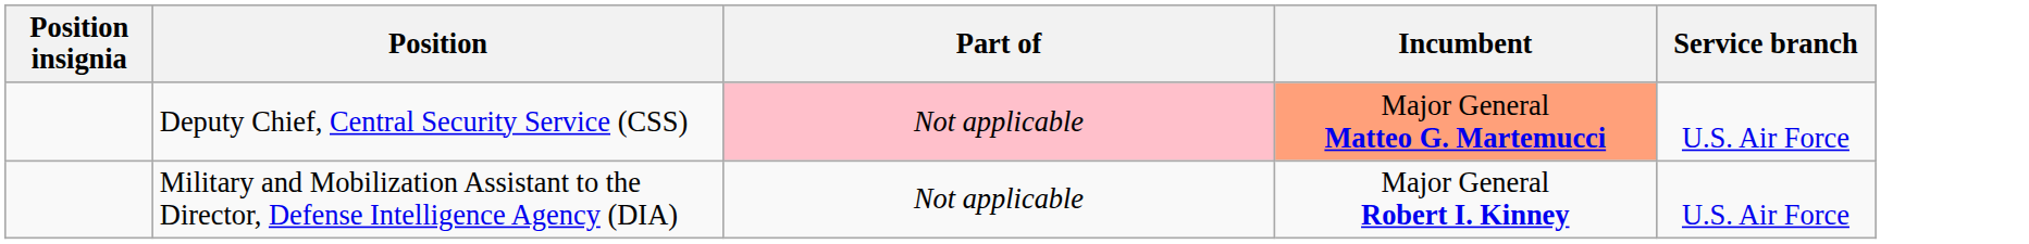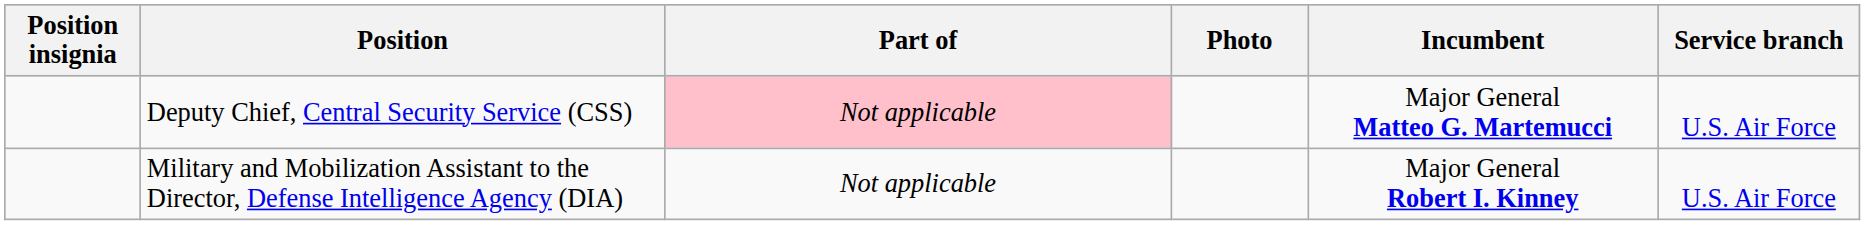 <table class="wikitable">
 <tr>
 <th width="75" style="text-align:center">Position insignia</th>
 <th width="310" style="text-align:center">Position</th>
 <th width="300" style="text-align:center">Part of</th>
+<th width="75" style="text-align:center">Photo</th>
 <th width="205" style="text-align:center">Incumbent</th>
 <th width="115" style="text-align:center">Service branch</th>
 </tr>
 <tr>
 <td></td>
 <td>Deputy Chief, <a href='#'>Central Security Service</a> (CSS)</td>
 <td style="background: pink; text-align:center"><em>Not applicable</em></td>
-<td style="background: lightsalmon; text-align:center">Major General<br><strong><a href='#'>Matteo G. Martemucci</a></strong></td>
+<td></td>
+<td style="text-align:center">Major General<br><strong><a href='#'>Matteo G. Martemucci</a></strong></td>
 <td style="text-align:center"><br><a href='#'>U.S. Air Force</a></td>
 </tr>
 <tr>
 <td></td>
 <td>Military and Mobilization Assistant to the Director, <a href='#'>Defense Intelligence Agency</a> (DIA)</td>
 <td style="text-align:center"><em>Not applicable</em></td>
+<td></td>
 <td style="text-align:center">Major General<br><strong><a href='#'>Robert I. Kinney</a></strong></td>
 <td style="text-align:center"><br><a href='#'>U.S. Air Force</a></td>
 </tr>
 </table>
